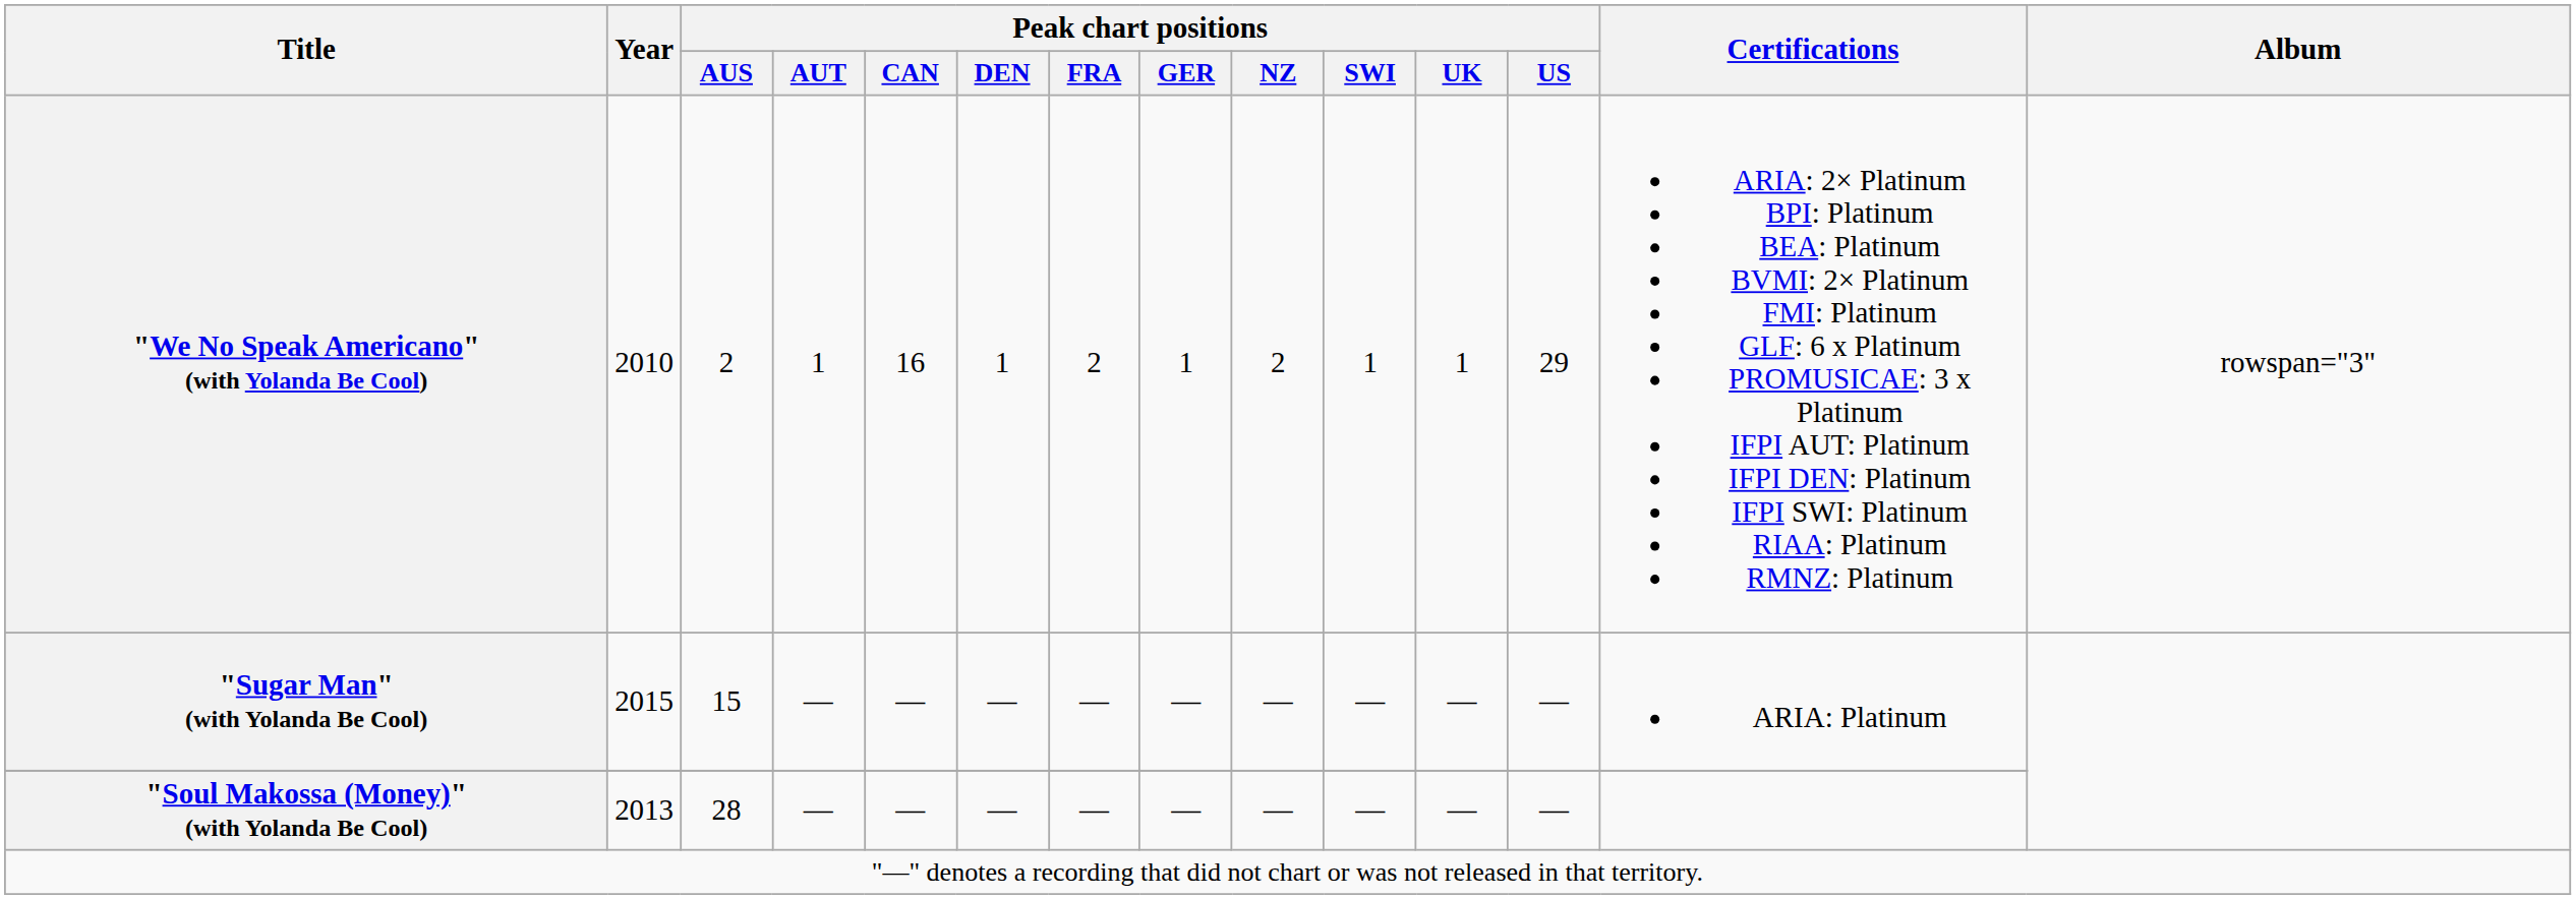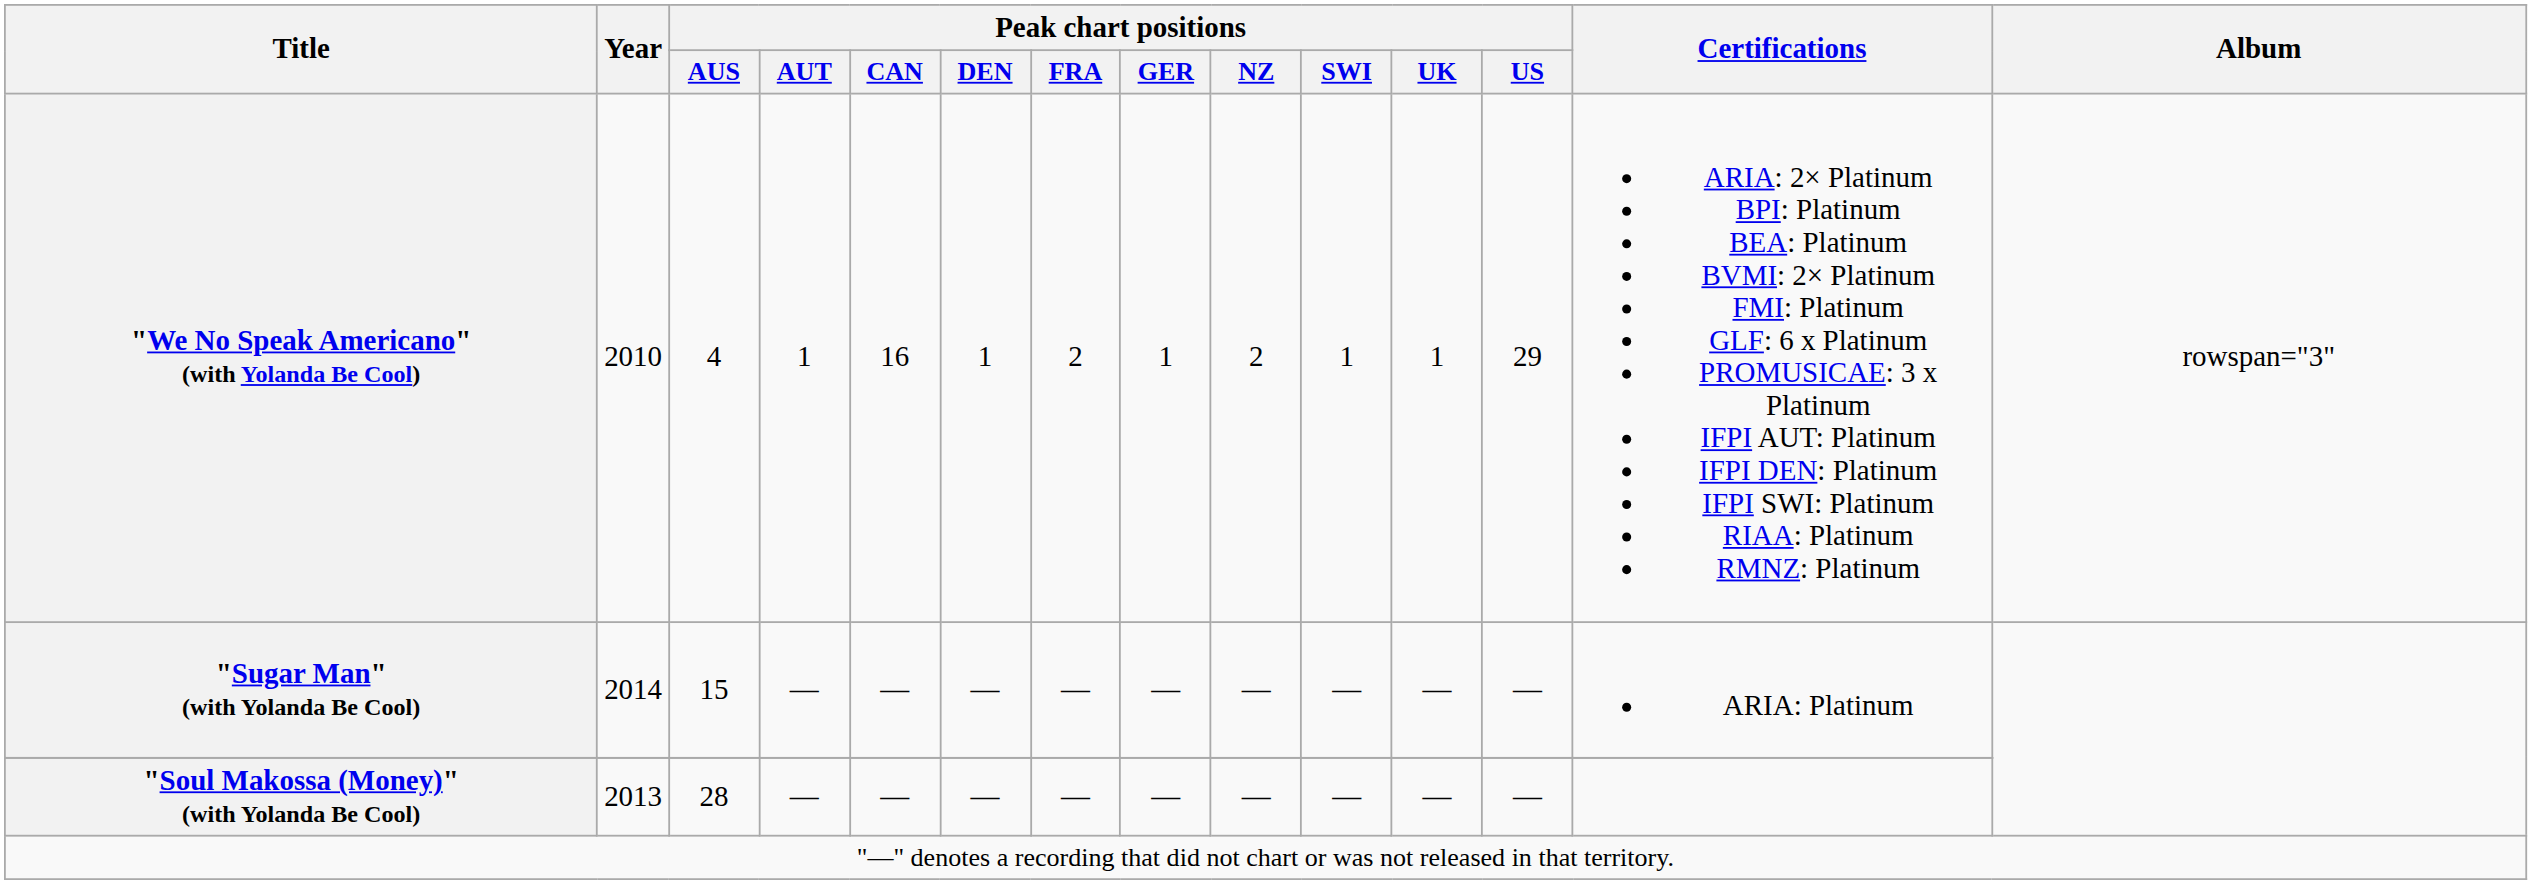 <table class="wikitable plainrowheaders" style="text-align:center;" border="1">
 <tr>
 <th scope="col" rowspan="2" style="width:20em;">Title</th>
 <th scope="col" rowspan="2" style="width:1em;">Year</th>
 <th scope="col" colspan="10">Peak chart positions</th>
 <th scope="col" rowspan="2" style="width:14em;"><a href='#'>Certifications</a></th>
 <th scope="col" rowspan="2" style="width:18em;">Album</th>
 </tr>
 <tr>
 <th scope="col" style="width:3em; font-size:90%;"><a href='#'>AUS</a><br></th>
 <th scope="col" style="width:3em; font-size:90%;"><a href='#'>AUT</a><br></th>
 <th scope="col" style="width:3em; font-size:90%;"><a href='#'>CAN</a><br></th>
 <th scope="col" style="width:3em; font-size:90%;"><a href='#'>DEN</a><br></th>
 <th scope="col" style="width:3em; font-size:90%;"><a href='#'>FRA</a><br></th>
 <th scope="col" style="width:3em; font-size:90%;"><a href='#'>GER</a><br></th>
 <th scope="col" style="width:3em; font-size:90%;"><a href='#'>NZ</a><br></th>
 <th scope="col" style="width:3em; font-size:90%;"><a href='#'>SWI</a><br></th>
 <th scope="col" style="width:3em; font-size:90%;"><a href='#'>UK</a><br></th>
 <th scope="col" style="width:3em; font-size:90%;"><a href='#'>US</a><br></th>
 </tr>
 <tr>
 <th scope="row">"<a href='#'>We No Speak Americano</a>"<br><small>(with <a href='#'>Yolanda Be Cool</a>)</small></th>
 <td>2010</td>
-<td>2</td>
+<td>4</td>
 <td>1</td>
 <td>16</td>
 <td>1</td>
 <td>2</td>
 <td>1</td>
 <td>2</td>
 <td>1</td>
 <td>1</td>
 <td>29</td>
 <td><br><ul><li><a href='#'>ARIA</a>: 2× Platinum</li><li><a href='#'>BPI</a>: Platinum</li><li><a href='#'>BEA</a>: Platinum</li><li><a href='#'>BVMI</a>: 2× Platinum</li><li><a href='#'>FMI</a>: Platinum</li><li><a href='#'>GLF</a>: 6 x Platinum</li><li><a href='#'>PROMUSICAE</a>: 3 x Platinum</li><li><a href='#'>IFPI</a> AUT: Platinum</li><li><a href='#'>IFPI DEN</a>: Platinum</li><li><a href='#'>IFPI</a> SWI: Platinum</li><li><a href='#'>RIAA</a>: Platinum</li><li><a href='#'>RMNZ</a>: Platinum</li></ul></td>
 <td>rowspan="3" </td>
 </tr>
 <tr>
 <th scope="row">"<a href='#'>Sugar Man</a>"<br><small>(with Yolanda Be Cool)</small></th>
-<td>2015</td>
+<td>2014</td>
 <td>15</td>
 <td>—</td>
 <td>—</td>
 <td>—</td>
 <td>—</td>
 <td>—</td>
 <td>—</td>
 <td>—</td>
 <td>—</td>
 <td>—</td>
 <td><br><ul><li>ARIA: Platinum</li></ul></td>
 </tr>
 <tr>
 </tr>
 <tr>
 <th scope="row">"<a href='#'>Soul Makossa (Money)</a>"<br><small>(with Yolanda Be Cool)</small></th>
 <td>2013</td>
 <td>28</td>
 <td>—</td>
 <td>—</td>
 <td>—</td>
 <td>—</td>
 <td>—</td>
 <td>—</td>
 <td>—</td>
 <td>—</td>
 <td>—</td>
 <td></td>
 </tr>
 <tr>
 <td colspan="14" style="font-size:90%">"—" denotes a recording that did not chart or was not released in that territory.</td>
 </tr>
 </table>
